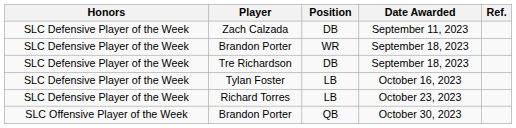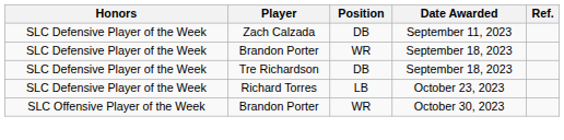 <table class="wikitable" style="width: 60%;text-align: center;">
 <tr>
 <th>Honors</th>
 <th>Player</th>
 <th>Position</th>
 <th>Date Awarded</th>
 <th>Ref.</th>
 </tr>
 <tr align="center">
 <td rowspan="1">SLC Defensive Player of the Week</td>
 <td>Zach Calzada</td>
 <td>DB</td>
 <td>September 11, 2023</td>
 <td></td>
 </tr>
 <tr align="center">
 <td rowspan="1">SLC Defensive Player of the Week</td>
 <td>Brandon Porter</td>
 <td>WR</td>
 <td>September 18, 2023</td>
 <td></td>
 </tr>
 <tr align="center">
 <td rowspan="1">SLC Defensive Player of the Week</td>
 <td>Tre Richardson</td>
 <td>DB</td>
 <td>September 18, 2023</td>
 <td></td>
 </tr>
 <tr align="center">
 <td rowspan="1">SLC Defensive Player of the Week</td>
-<td>Tylan Foster</td>
-<td>LB</td>
-<td>October 16, 2023</td>
-<td></td>
-</tr>
-<tr align="center">
-<td rowspan="1">SLC Defensive Player of the Week</td>
 <td>Richard Torres</td>
 <td>LB</td>
 <td>October 23, 2023</td>
 <td></td>
 </tr>
 <tr align="center">
 <td rowspan="1">SLC Offensive Player of the Week</td>
 <td>Brandon Porter</td>
-<td>QB</td>
+<td>WR</td>
 <td>October 30, 2023</td>
 <td></td>
 </tr>
 </table>
